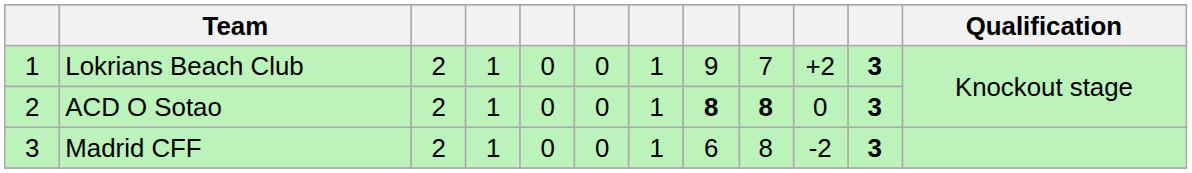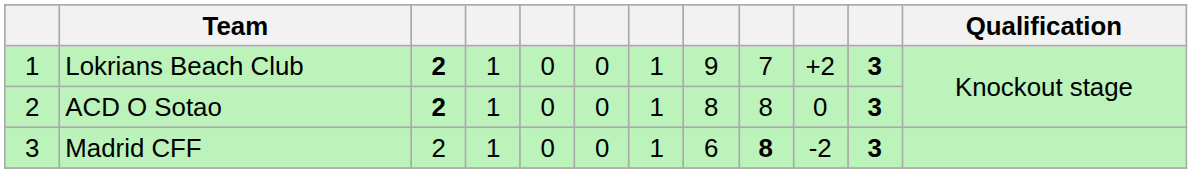 <table class="wikitable" style="font-size: 95%">
 <tr>
 <th width="25"></th>
 <th width="200">Team</th>
 <th width="25"></th>
 <th width="25"></th>
 <th width="25"></th>
 <th width="25"></th>
 <th width="25"></th>
 <th width="25"></th>
 <th width="25"></th>
 <th width="25"></th>
 <th width="25"></th>
 <th width="160">Qualification</th>
 </tr>
 <tr align=center bgcolor=#bbf3bb>
 <td>1</td>
 <td align=left> Lokrians Beach Club</td>
-<td>2</td>
+<td><strong>2</strong></td>
 <td>1</td>
 <td>0</td>
 <td>0</td>
 <td>1</td>
 <td>9</td>
 <td>7</td>
 <td>+2</td>
 <td><strong>3</strong></td>
 <td rowspan=2>Knockout stage</td>
 </tr>
 <tr align=center bgcolor=#bbf3bb>
 <td>2</td>
 <td align=left> ACD O Sotao</td>
-<td>2</td>
+<td><strong>2</strong></td>
 <td>1</td>
 <td>0</td>
 <td>0</td>
 <td>1</td>
-<td><strong>8</strong></td>
-<td><strong>8</strong></td>
+<td>8</td>
+<td>8</td>
 <td>0</td>
 <td><strong>3</strong></td>
 </tr>
 <tr align=center bgcolor=#bbf3bb>
 <td>3</td>
 <td align=left> Madrid CFF</td>
 <td>2</td>
 <td>1</td>
 <td>0</td>
 <td>0</td>
 <td>1</td>
 <td>6</td>
-<td>8</td>
+<td><strong>8</strong></td>
 <td>-2</td>
 <td><strong>3</strong></td>
 <td></td>
 </tr>
 </table>
